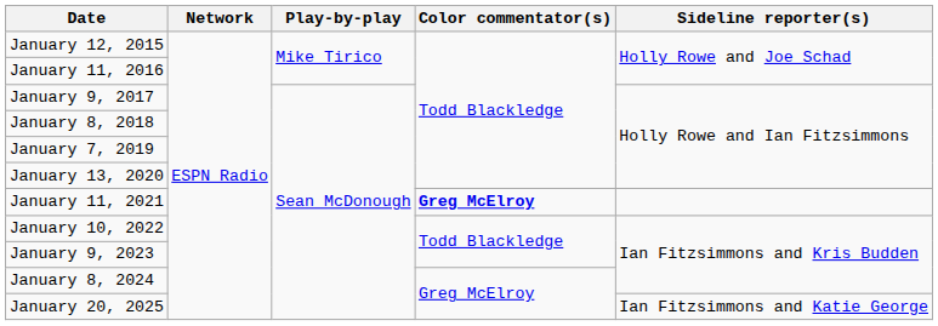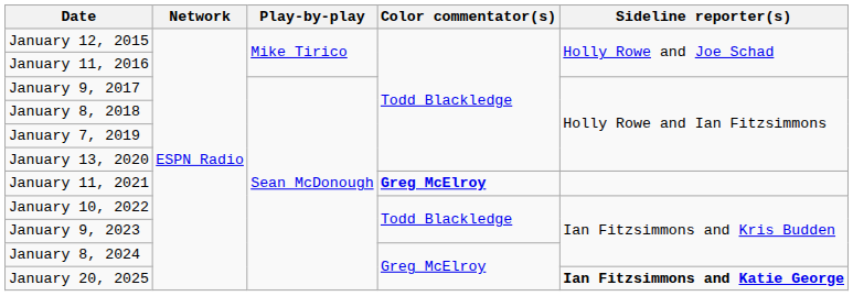 <table class="wikitable">
 <tr>
 <th>Date</th>
 <th>Network</th>
 <th>Play-by-play</th>
 <th>Color commentator(s)</th>
 <th>Sideline reporter(s)</th>
 </tr>
 <tr>
 <td>January 12, 2015</td>
 <td rowspan=11><a href='#'>ESPN Radio</a></td>
 <td rowspan=2><a href='#'>Mike Tirico</a></td>
 <td rowspan=6><a href='#'>Todd Blackledge</a></td>
 <td rowspan=2><a href='#'>Holly Rowe</a> and <a href='#'>Joe Schad</a></td>
 </tr>
 <tr>
 <td>January 11, 2016</td>
 </tr>
 <tr>
 <td>January 9, 2017</td>
 <td rowspan=9><a href='#'>Sean McDonough</a></td>
 <td rowspan=4>Holly Rowe and Ian Fitzsimmons</td>
 </tr>
 <tr>
 <td>January 8, 2018</td>
 </tr>
 <tr>
 <td>January 7, 2019</td>
 </tr>
 <tr>
 <td>January 13, 2020</td>
 </tr>
 <tr>
 <td>January 11, 2021</td>
 <td><strong><a href='#'>Greg McElroy</a></strong></td>
 <td></td>
 </tr>
 <tr>
 <td>January 10, 2022</td>
 <td rowspan=2><a href='#'>Todd Blackledge</a></td>
 <td rowspan=3>Ian Fitzsimmons and <a href='#'>Kris Budden</a></td>
 </tr>
 <tr>
 <td>January 9, 2023</td>
 </tr>
 <tr>
 <td>January 8, 2024</td>
 <td rowspan=2><a href='#'>Greg McElroy</a></td>
 </tr>
 <tr>
 <td>January 20, 2025</td>
-<td>Ian Fitzsimmons and <a href='#'>Katie George</a></td>
+<td><strong>Ian Fitzsimmons and <a href='#'>Katie George</a></strong></td>
 </tr>
 </table>
